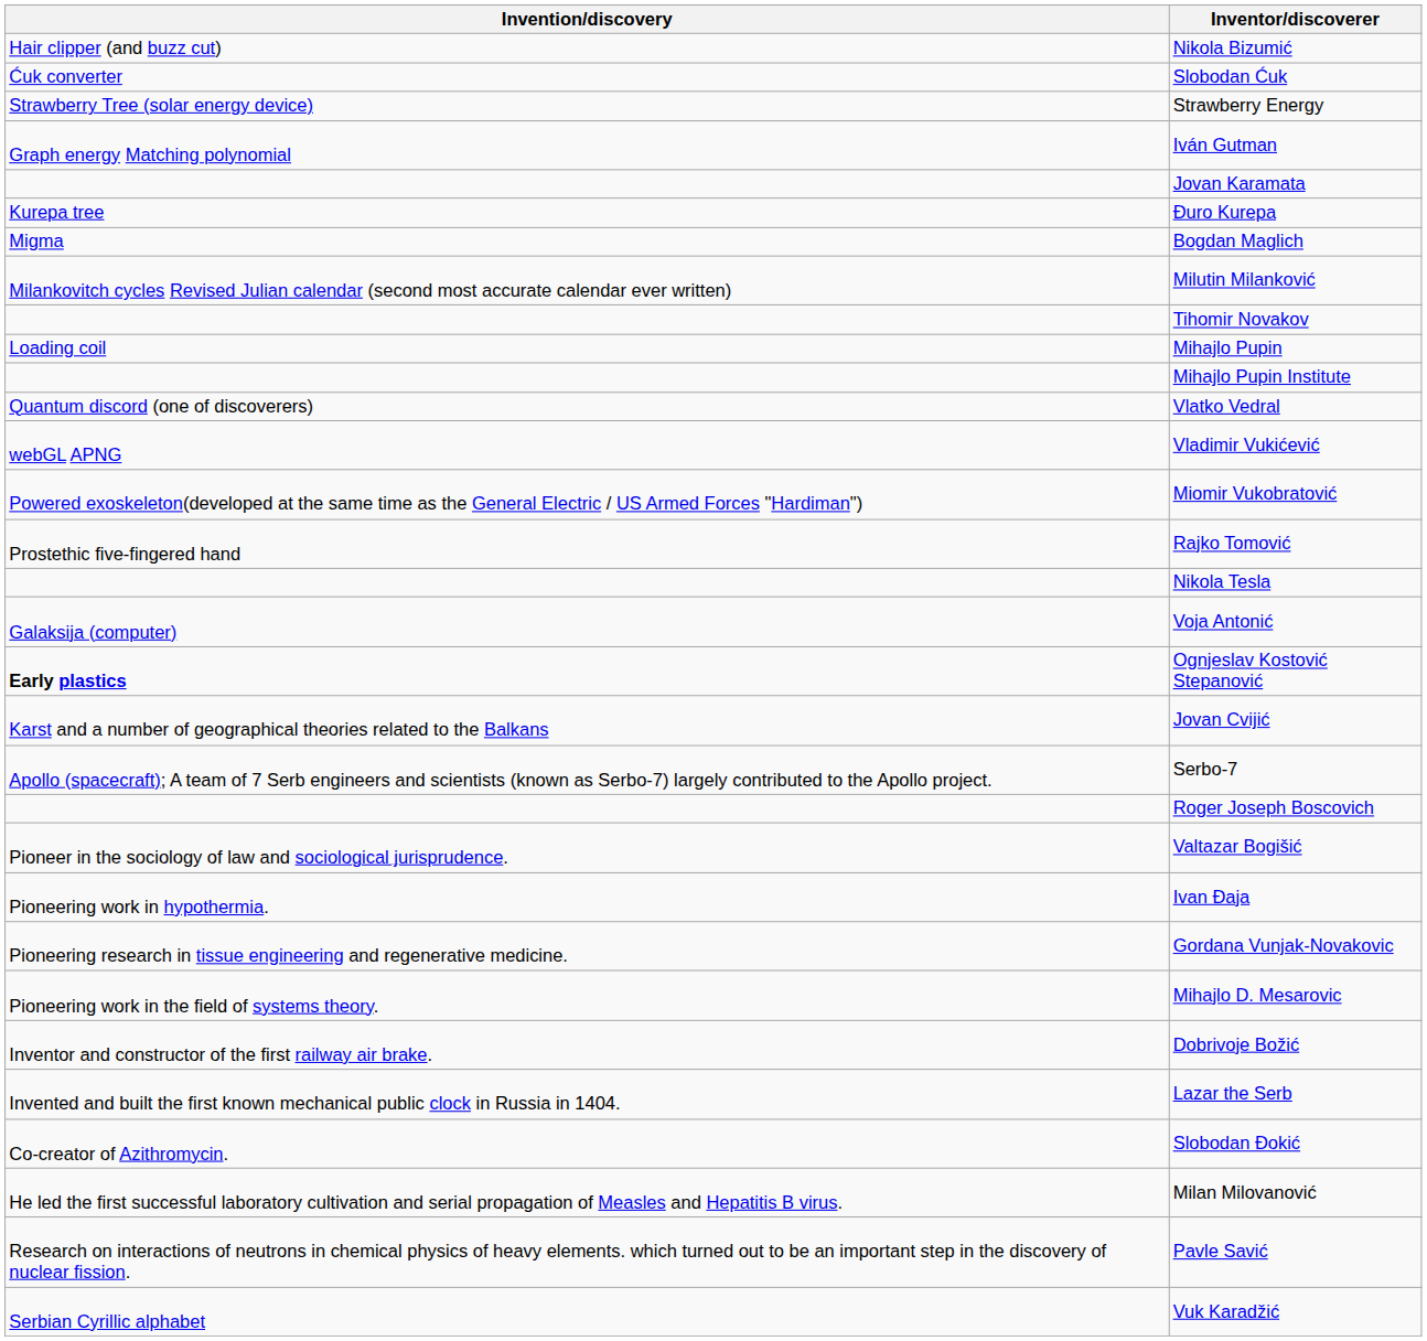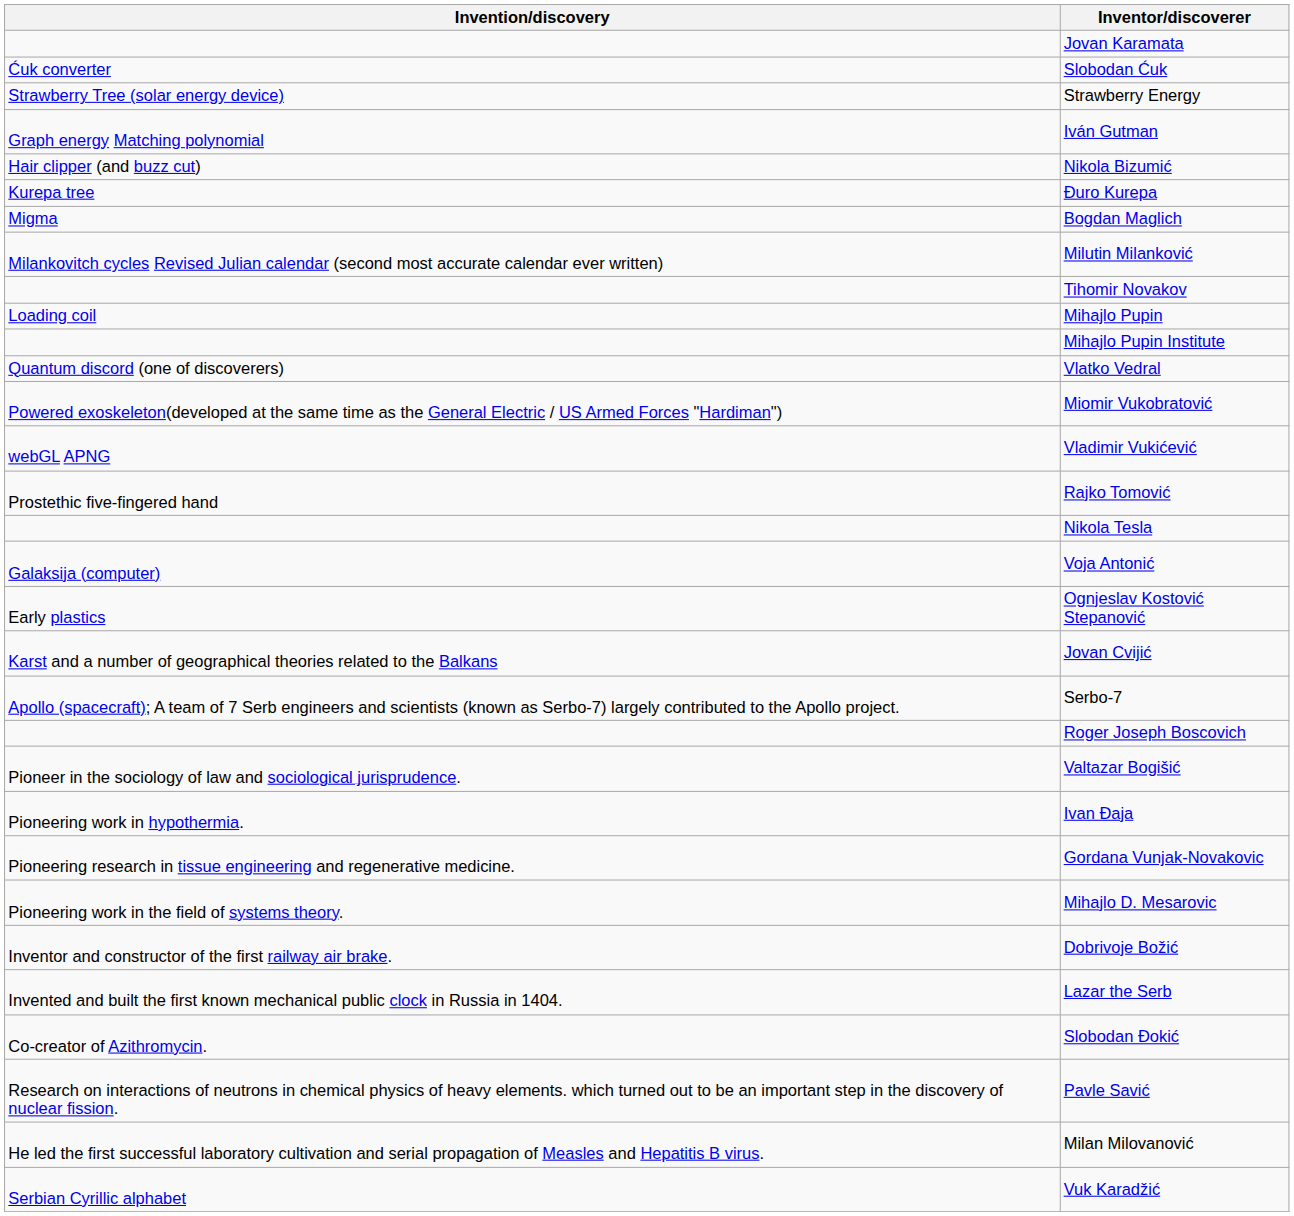 <table class="wikitable sortable article-table">
 <tr>
 <th>Invention/discovery</th>
 <th>Inventor/discoverer</th>
 </tr>
 <tr>
-<td><a href='#'>Hair clipper</a> (and <a href='#'>buzz cut</a>)</td>
-<td><a href='#'>Nikola Bizumić</a></td>
+<td></td>
+<td><a href='#'>Jovan Karamata</a></td>
 </tr>
 <tr>
 <td><a href='#'>Ćuk converter</a></td>
 <td><a href='#'>Slobodan Ćuk</a></td>
 </tr>
 <tr>
 <td><a href='#'>Strawberry Tree (solar energy device)</a></td>
 <td>Strawberry Energy</td>
 </tr>
 <tr>
 <td><br><a href='#'>Graph energy</a> <a href='#'>Matching polynomial</a></td>
 <td><a href='#'>Iván Gutman</a></td>
 </tr>
 <tr>
-<td></td>
-<td><a href='#'>Jovan Karamata</a></td>
+<td><a href='#'>Hair clipper</a> (and <a href='#'>buzz cut</a>)</td>
+<td><a href='#'>Nikola Bizumić</a></td>
 </tr>
 <tr>
 <td><a href='#'>Kurepa tree</a></td>
 <td><a href='#'>Đuro Kurepa</a></td>
 </tr>
 <tr>
 <td><a href='#'>Migma</a></td>
 <td><a href='#'>Bogdan Maglich</a></td>
 </tr>
 <tr>
 <td><br><a href='#'>Milankovitch cycles</a> <a href='#'>Revised Julian calendar</a> (second most accurate calendar ever written)</td>
 <td><a href='#'>Milutin Milanković</a></td>
 </tr>
 <tr>
 <td></td>
 <td><a href='#'>Tihomir Novakov</a></td>
 </tr>
 <tr>
 <td><a href='#'>Loading coil</a></td>
 <td><a href='#'>Mihajlo Pupin</a></td>
 </tr>
 <tr>
 <td><br></td>
 <td><a href='#'>Mihajlo Pupin Institute</a></td>
 </tr>
 <tr>
 <td><a href='#'>Quantum discord</a> (one of discoverers)</td>
 <td><a href='#'>Vlatko Vedral</a></td>
 </tr>
 <tr>
+<td><br><a href='#'>Powered exoskeleton</a>(developed at the same time as the <a href='#'>General Electric</a> / <a href='#'>US Armed Forces</a> "<a href='#'>Hardiman</a>")</td>
+<td><a href='#'>Miomir Vukobratović</a></td>
+</tr>
+<tr>
 <td><br><a href='#'>webGL</a> <a href='#'>APNG</a></td>
 <td><a href='#'>Vladimir Vukićević</a></td>
-</tr>
-<tr>
-<td><br><a href='#'>Powered exoskeleton</a>(developed at the same time as the <a href='#'>General Electric</a> / <a href='#'>US Armed Forces</a> "<a href='#'>Hardiman</a>")</td>
-<td><a href='#'>Miomir Vukobratović</a></td>
 </tr>
 <tr>
 <td><br>Prostethic five-fingered hand </td>
 <td><a href='#'>Rajko Tomović</a></td>
 </tr>
 <tr>
 <td></td>
 <td><a href='#'>Nikola Tesla</a></td>
 </tr>
 <tr>
 <td><br><a href='#'>Galaksija (computer)</a></td>
 <td><a href='#'>Voja Antonić</a></td>
 </tr>
 <tr>
-<td><strong><br>Early <a href='#'>plastics</a></strong></td>
+<td><br>Early <a href='#'>plastics</a></td>
 <td><a href='#'>Ognjeslav Kostović Stepanović</a></td>
 </tr>
 <tr>
 <td><br><a href='#'>Karst</a> and a number of geographical theories related to the <a href='#'>Balkans</a></td>
 <td><a href='#'>Jovan Cvijić</a></td>
 </tr>
 <tr>
 <td><br><a href='#'>Apollo (spacecraft)</a>; A team of 7 Serb engineers and scientists (known as Serbo-7) largely contributed to the Apollo project.</td>
 <td>Serbo-7</td>
 </tr>
 <tr>
 <td></td>
 <td><a href='#'>Roger Joseph Boscovich</a></td>
 </tr>
 <tr>
 <td><br>Pioneer in the sociology of law and <a href='#'>sociological jurisprudence</a>.</td>
 <td><a href='#'>Valtazar Bogišić</a></td>
 </tr>
 <tr>
 <td><br>Pioneering work in <a href='#'>hypothermia</a>.</td>
 <td><a href='#'>Ivan Đaja</a></td>
 </tr>
 <tr>
 <td><br>Pioneering research in <a href='#'>tissue engineering</a> and regenerative medicine.</td>
 <td><a href='#'>Gordana Vunjak-Novakovic</a></td>
 </tr>
 <tr>
 <td><br>Pioneering work in the field of <a href='#'>systems theory</a>.</td>
 <td><a href='#'>Mihajlo D. Mesarovic</a></td>
 </tr>
 <tr>
 <td><br>Inventor and constructor of the first <a href='#'>railway air brake</a>.</td>
 <td><a href='#'>Dobrivoje Božić</a></td>
 </tr>
 <tr>
 <td><br>Invented and built the first known mechanical public <a href='#'>clock</a> in Russia in 1404.</td>
 <td><a href='#'>Lazar the Serb</a></td>
 </tr>
 <tr>
 <td><br>Co-creator of <a href='#'>Azithromycin</a>.</td>
 <td><a href='#'>Slobodan Đokić</a></td>
 </tr>
 <tr>
+<td><br>Research on interactions of neutrons in chemical physics of heavy elements. which turned out to be an important step in the discovery of <a href='#'>nuclear fission</a>.</td>
+<td><a href='#'>Pavle Savić</a></td>
+</tr>
+<tr>
 <td><br>He led the first successful laboratory cultivation and serial propagation of <a href='#'>Measles</a> and <a href='#'>Hepatitis B virus</a>.</td>
 <td>Milan Milovanović</td>
-</tr>
-<tr>
-<td><br>Research on interactions of neutrons in chemical physics of heavy elements. which turned out to be an important step in the discovery of <a href='#'>nuclear fission</a>.</td>
-<td><a href='#'>Pavle Savić</a></td>
 </tr>
 <tr>
 <td><br><a href='#'>Serbian Cyrillic alphabet</a></td>
 <td><a href='#'>Vuk Karadžić</a></td>
 </tr>
 </table>
